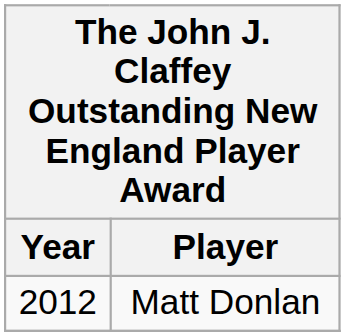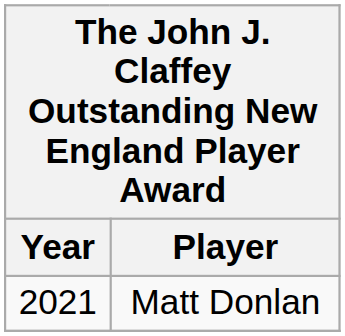 <table class="wikitable" style="display: inline-table; margin-right: 20px; text-align:center">
 <tr>
 <th scope="col" colspan="2" style="width: 145px;">The John J. Claffey Outstanding New England Player Award</th>
 </tr>
 <tr>
 <th scope="col">Year</th>
 <th scope="col">Player</th>
 </tr>
 <tr>
-<td>2012</td>
+<td>2021</td>
 <td>Matt Donlan</td>
 </tr>
 <tr>
 </tr>
 </table>
